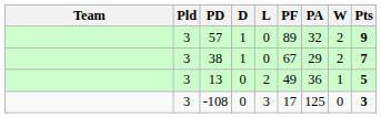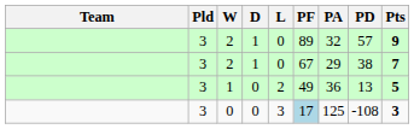 <table class="wikitable" style="text-align:center;">
 <tr>
 <th width="190">Team</th>
 <th width="20" abbr="Played">Pld</th>
-<th width="25" abbr="Points difference">PD</th>
+<th width="20" abbr="Won">W</th>
 <th width="20" abbr="Drawn">D</th>
 <th width="20" abbr="Lost">L</th>
 <th width="20" abbr="Points for">PF</th>
 <th width="20" abbr="Points against">PA</th>
-<th width="20" abbr="Won">W</th>
+<th width="25" abbr="Points difference">PD</th>
 <th width="20" abbr="Points">Pts</th>
 </tr>
 <tr style="background:#ccffcc">
 <td align="left"></td>
 <td>3</td>
-<td>57</td>
+<td>2</td>
 <td>1</td>
 <td>0</td>
 <td>89</td>
 <td>32</td>
-<td>2</td>
+<td>57</td>
 <td><strong>9</strong></td>
 </tr>
 <tr style="background:#ccffcc">
 <td align="left"></td>
 <td>3</td>
-<td>38</td>
+<td>2</td>
 <td>1</td>
 <td>0</td>
 <td>67</td>
 <td>29</td>
-<td>2</td>
+<td>38</td>
 <td><strong>7</strong></td>
 </tr>
 <tr style="background:#ccffcc">
 <td align="left"></td>
 <td>3</td>
-<td>13</td>
+<td>1</td>
 <td>0</td>
 <td>2</td>
 <td>49</td>
 <td>36</td>
-<td>1</td>
+<td>13</td>
 <td><strong>5</strong></td>
 </tr>
 <tr>
 <td align="left"></td>
 <td>3</td>
-<td>-108</td>
+<td>0</td>
 <td>0</td>
 <td>3</td>
-<td>17</td>
+<td style="background: lightblue;">17</td>
 <td>125</td>
-<td>0</td>
+<td>-108</td>
 <td><strong>3</strong></td>
 </tr>
 </table>
